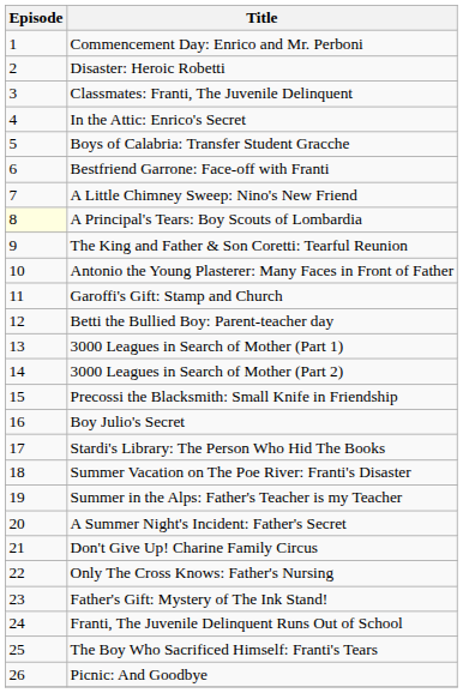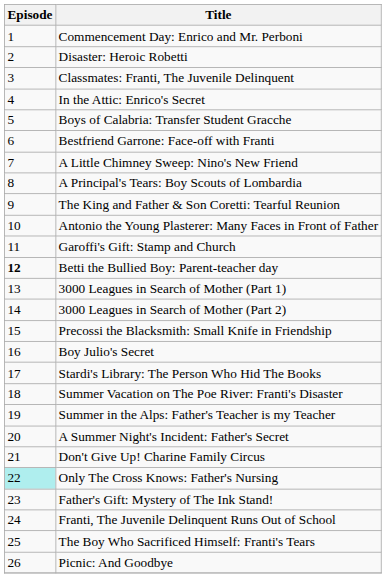 <table class="wikitable">
 <tr>
 <th>Episode</th>
 <th>Title</th>
 </tr>
 <tr>
 <td>1</td>
 <td>Commencement Day: Enrico and Mr. Perboni</td>
 </tr>
 <tr>
 <td>2</td>
 <td>Disaster: Heroic Robetti</td>
 </tr>
 <tr>
 <td>3</td>
 <td>Classmates: Franti, The Juvenile Delinquent</td>
 </tr>
 <tr>
 <td>4</td>
 <td>In the Attic: Enrico's Secret</td>
 </tr>
 <tr>
 <td>5</td>
 <td>Boys of Calabria: Transfer Student Gracche</td>
 </tr>
 <tr>
 <td>6</td>
 <td>Bestfriend Garrone: Face-off with Franti</td>
 </tr>
 <tr>
 <td>7</td>
 <td>A Little Chimney Sweep: Nino's New Friend</td>
 </tr>
 <tr>
-<td style="background: lightyellow;">8</td>
+<td>8</td>
 <td>A Principal's Tears: Boy Scouts of Lombardia</td>
 </tr>
 <tr>
 <td>9</td>
 <td>The King and Father & Son Coretti: Tearful Reunion</td>
 </tr>
 <tr>
 <td>10</td>
 <td>Antonio the Young Plasterer: Many Faces in Front of Father</td>
 </tr>
 <tr>
 <td>11</td>
 <td>Garoffi's Gift: Stamp and Church</td>
 </tr>
 <tr>
-<td>12</td>
+<td><strong>12</strong></td>
 <td>Betti the Bullied Boy: Parent-teacher day</td>
 </tr>
 <tr>
 <td>13</td>
 <td>3000 Leagues in Search of Mother (Part 1)</td>
 </tr>
 <tr>
 <td>14</td>
 <td>3000 Leagues in Search of Mother (Part 2)</td>
 </tr>
 <tr>
 <td>15</td>
 <td>Precossi the Blacksmith: Small Knife in Friendship</td>
 </tr>
 <tr>
 <td>16</td>
 <td>Boy Julio's Secret</td>
 </tr>
 <tr>
 <td>17</td>
 <td>Stardi's Library: The Person Who Hid The Books</td>
 </tr>
 <tr>
 <td>18</td>
 <td>Summer Vacation on The Poe River: Franti's Disaster</td>
 </tr>
 <tr>
 <td>19</td>
 <td>Summer in the Alps: Father's Teacher is my Teacher</td>
 </tr>
 <tr>
 <td>20</td>
 <td>A Summer Night's Incident: Father's Secret</td>
 </tr>
 <tr>
 <td>21</td>
 <td>Don't Give Up! Charine Family Circus</td>
 </tr>
 <tr>
-<td>22</td>
+<td style="background: paleturquoise;">22</td>
 <td>Only The Cross Knows: Father's Nursing</td>
 </tr>
 <tr>
 <td>23</td>
 <td>Father's Gift: Mystery of The Ink Stand!</td>
 </tr>
 <tr>
 <td>24</td>
 <td>Franti, The Juvenile Delinquent Runs Out of School</td>
 </tr>
 <tr>
 <td>25</td>
 <td>The Boy Who Sacrificed Himself: Franti's Tears</td>
 </tr>
 <tr>
 <td>26</td>
 <td>Picnic: And Goodbye</td>
 </tr>
 <tr>
 </tr>
 </table>
